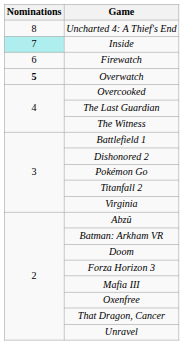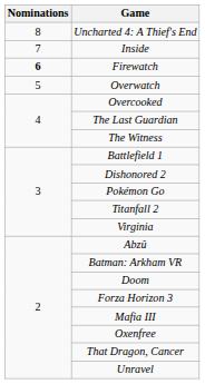 <table class="wikitable" style="text-align:center;">
 <tr>
 <th scope="col" width="55">Nominations</th>
 <th scope="col" align="center">Game</th>
 </tr>
 <tr>
 <td style="text-align:center">8</td>
 <td><em>Uncharted 4: A Thief's End</em></td>
 </tr>
 <tr>
-<td style="background: paleturquoise; text-align:center">7</td>
+<td style="text-align:center">7</td>
 <td><em>Inside</em></td>
 </tr>
 <tr>
-<td style="text-align:center">6</td>
+<td style="text-align:center"><strong>6</strong></td>
 <td><em>Firewatch</em></td>
 </tr>
 <tr>
-<td style="text-align:center"><strong>5</strong></td>
+<td style="text-align:center">5</td>
 <td><em>Overwatch</em></td>
 </tr>
 <tr>
 <td rowspan="3" style="text-align:center">4</td>
 <td><em>Overcooked</em></td>
 </tr>
 <tr>
 <td><em>The Last Guardian</em></td>
 </tr>
 <tr>
 <td><em>The Witness</em></td>
 </tr>
 <tr>
 <td rowspan="5" style="text-align:center">3</td>
 <td><em>Battlefield 1</em></td>
 </tr>
 <tr>
 <td><em>Dishonored 2</em></td>
 </tr>
 <tr>
 <td><em>Pokémon Go</em></td>
 </tr>
 <tr>
 <td><em>Titanfall 2</em></td>
 </tr>
 <tr>
 <td><em>Virginia</em></td>
 </tr>
 <tr>
 <td rowspan="8" style="text-align:center">2</td>
 <td><em>Abzû</em></td>
 </tr>
 <tr>
 <td><em>Batman: Arkham VR</em></td>
 </tr>
 <tr>
 <td><em>Doom</em></td>
 </tr>
 <tr>
 <td><em>Forza Horizon 3</em></td>
 </tr>
 <tr>
 <td><em>Mafia III</em></td>
 </tr>
 <tr>
 <td><em>Oxenfree</em></td>
 </tr>
 <tr>
 <td><em>That Dragon, Cancer</em></td>
 </tr>
 <tr>
 <td><em>Unravel</em></td>
 </tr>
 </table>
